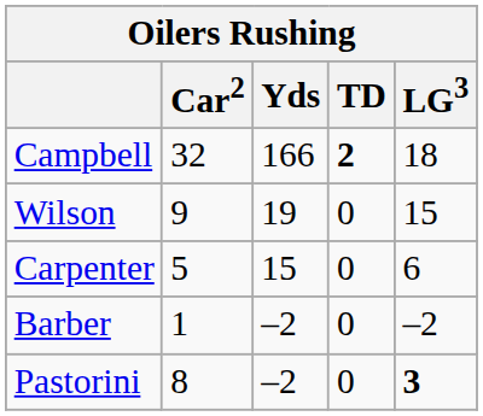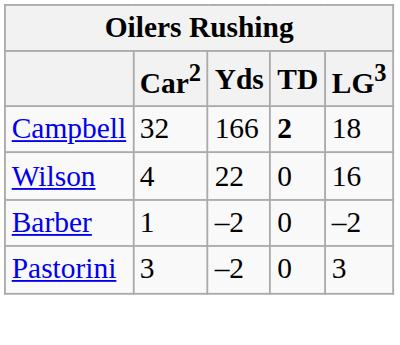 <table class="wikitable">
 <tr>
 <th colspan="5">Oilers Rushing</th>
 </tr>
 <tr>
 <th></th>
 <th>Car<sup>2</sup></th>
 <th>Yds</th>
 <th>TD</th>
 <th>LG<sup>3</sup></th>
 </tr>
 <tr>
 <td><a href='#'>Campbell</a></td>
 <td>32</td>
 <td>166</td>
 <td><strong>2</strong></td>
 <td>18</td>
 </tr>
 <tr>
 <td><a href='#'>Wilson</a></td>
-<td>9</td>
-<td>19</td>
+<td>4</td>
+<td>22</td>
 <td>0</td>
-<td>15</td>
-</tr>
-<tr>
-<td><a href='#'>Carpenter</a></td>
-<td>5</td>
-<td>15</td>
-<td>0</td>
-<td>6</td>
+<td>16</td>
 </tr>
 <tr>
 <td><a href='#'>Barber</a></td>
 <td>1</td>
 <td>–2</td>
 <td>0</td>
 <td>–2</td>
 </tr>
 <tr>
 <td><a href='#'>Pastorini</a></td>
-<td>8</td>
+<td>3</td>
 <td>–2</td>
 <td>0</td>
-<td><strong>3</strong></td>
+<td>3</td>
 </tr>
 </table>
